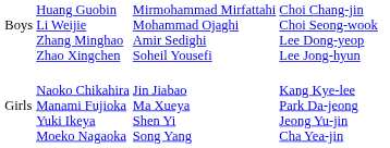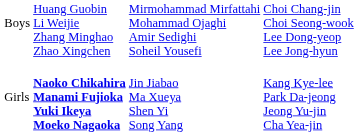 <table>
 <tr>
 <td>Boys</td>
 <td><br><a href='#'>Huang Guobin</a><br><a href='#'>Li Weijie</a><br><a href='#'>Zhang Minghao</a><br><a href='#'>Zhao Xingchen</a></td>
 <td><br><a href='#'>Mirmohammad Mirfattahi</a><br><a href='#'>Mohammad Ojaghi</a><br><a href='#'>Amir Sedighi</a><br><a href='#'>Soheil Yousefi</a></td>
 <td><br><a href='#'>Choi Chang-jin</a><br><a href='#'>Choi Seong-wook</a><br><a href='#'>Lee Dong-yeop</a><br><a href='#'>Lee Jong-hyun</a></td>
 </tr>
 <tr>
 <td>Girls</td>
-<td><br><a href='#'>Naoko Chikahira</a><br><a href='#'>Manami Fujioka</a><br><a href='#'>Yuki Ikeya</a><br><a href='#'>Moeko Nagaoka</a></td>
+<td><strong><br><a href='#'>Naoko Chikahira</a><br><a href='#'>Manami Fujioka</a><br><a href='#'>Yuki Ikeya</a><br><a href='#'>Moeko Nagaoka</a></strong></td>
 <td><br><a href='#'>Jin Jiabao</a><br><a href='#'>Ma Xueya</a><br><a href='#'>Shen Yi</a><br><a href='#'>Song Yang</a></td>
 <td><br><a href='#'>Kang Kye-lee</a><br><a href='#'>Park Da-jeong</a><br><a href='#'>Jeong Yu-jin</a><br><a href='#'>Cha Yea-jin</a></td>
 </tr>
 </table>
